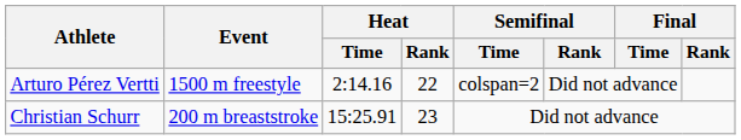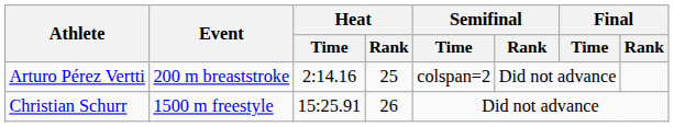 <table class=wikitable style="font-size:90%">
 <tr>
 <th rowspan="2">Athlete</th>
 <th rowspan="2">Event</th>
 <th colspan="2">Heat</th>
 <th colspan="2">Semifinal</th>
 <th colspan="2">Final</th>
 </tr>
 <tr style="font-size:95%">
 <th>Time</th>
 <th>Rank</th>
 <th>Time</th>
 <th>Rank</th>
 <th>Time</th>
 <th>Rank</th>
 </tr>
 <tr align=center>
 <td align=left><a href='#'>Arturo Pérez Vertti</a></td>
-<td align=left><a href='#'>1500 m freestyle</a></td>
+<td align=left><a href='#'>200 m breaststroke</a></td>
 <td>2:14.16</td>
-<td>22</td>
+<td>25</td>
 <td>colspan=2 </td>
 <td colspan=2>Did not advance</td>
 </tr>
 <tr align=center>
 <td align=left><a href='#'>Christian Schurr</a></td>
-<td align=left><a href='#'>200 m breaststroke</a></td>
+<td align=left><a href='#'>1500 m freestyle</a></td>
 <td>15:25.91</td>
-<td>23</td>
+<td>26</td>
 <td colspan=4>Did not advance</td>
 </tr>
 </table>
